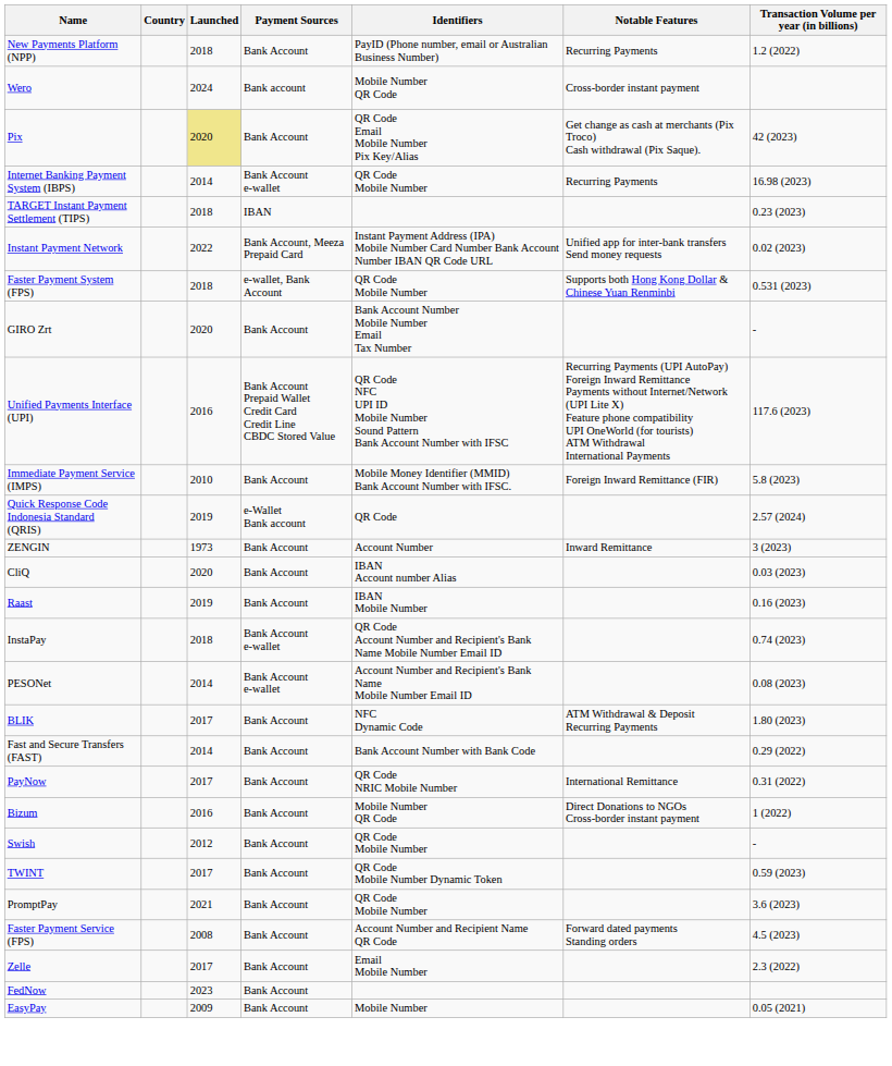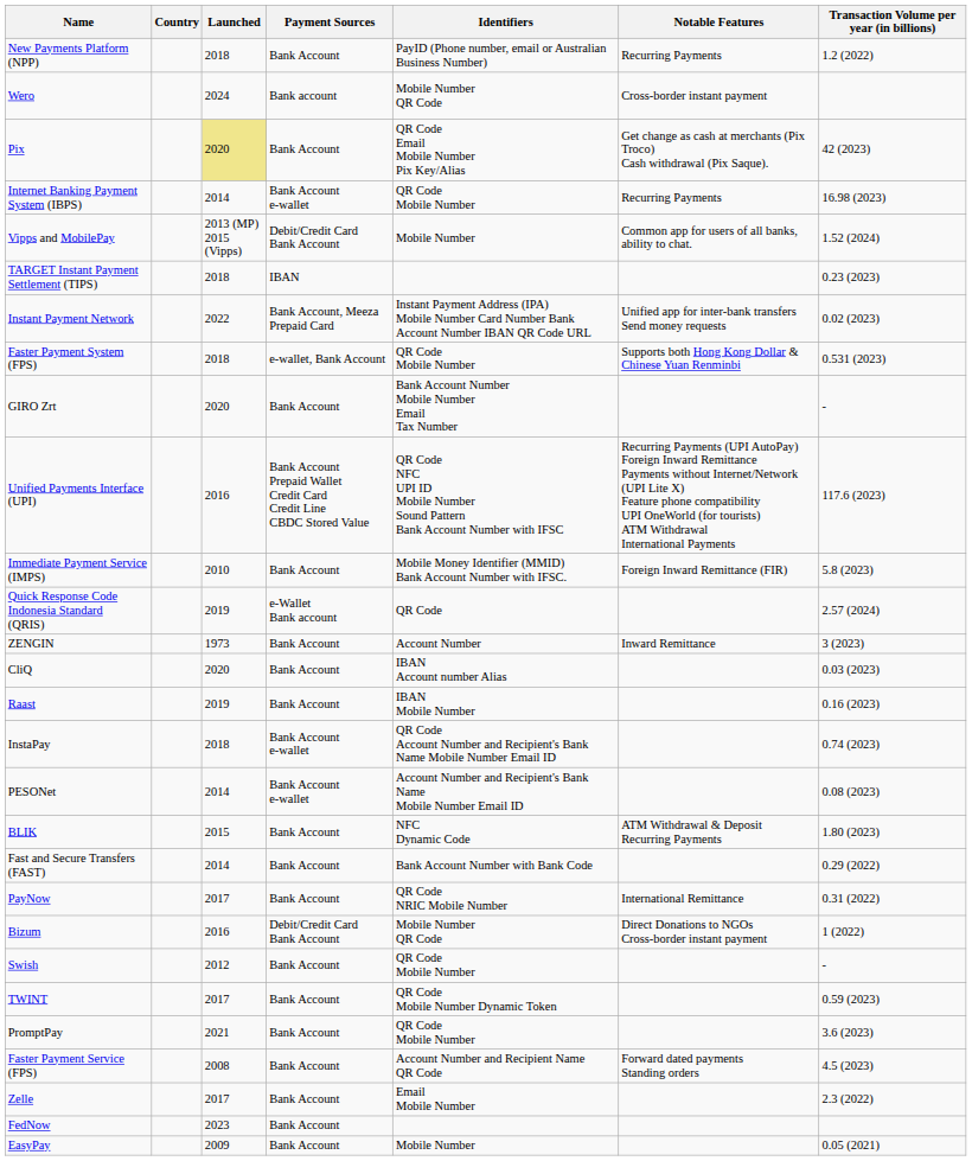 <table class="wikitable sortable">
 <tr>
 <th>Name</th>
 <th>Country</th>
 <th>Launched</th>
 <th>Payment Sources</th>
 <th>Identifiers</th>
 <th>Notable Features</th>
 <th>Transaction Volume per year (in billions)</th>
 </tr>
 <tr>
 <td><a href='#'>New Payments Platform</a> (NPP)</td>
 <td></td>
 <td>2018</td>
 <td>Bank Account</td>
 <td>PayID (Phone number, email or Australian Business Number)</td>
 <td>Recurring Payments</td>
 <td>1.2 (2022)</td>
 </tr>
 <tr>
 <td><a href='#'>Wero</a></td>
 <td><br><br><br> </td>
 <td>2024</td>
 <td>Bank account</td>
 <td>Mobile Number<br>QR Code</td>
 <td>Cross-border instant payment</td>
 <td></td>
 </tr>
 <tr>
 <td><a href='#'>Pix</a></td>
 <td></td>
 <td style="background: khaki;">2020</td>
 <td>Bank Account</td>
 <td>QR Code<br>Email<br>Mobile Number<br>Pix Key/Alias</td>
 <td>Get change as cash at merchants (Pix Troco)<br>Cash withdrawal (Pix Saque).</td>
 <td>42 (2023)</td>
 </tr>
 <tr>
 <td><a href='#'>Internet Banking Payment System</a> (IBPS)</td>
 <td></td>
 <td>2014</td>
 <td>Bank Account<br>e-wallet</td>
 <td>QR Code<br>Mobile Number</td>
 <td>Recurring Payments</td>
 <td>16.98 (2023)</td>
+</tr>
+<tr>
+<td><a href='#'>Vipps</a> and <a href='#'>MobilePay</a></td>
+<td></td>
+<td>2013 (MP)<br>2015 (Vipps)</td>
+<td>Debit/Credit Card<br>Bank Account</td>
+<td>Mobile Number</td>
+<td>Common app for users of all banks, ability to chat.</td>
+<td>1.52 (2024)</td>
 </tr>
 <tr>
 <td><a href='#'>TARGET Instant Payment Settlement</a> (TIPS)</td>
 <td></td>
 <td>2018</td>
 <td>IBAN</td>
 <td></td>
 <td></td>
 <td>0.23 (2023)</td>
 </tr>
 <tr>
 <td><a href='#'>Instant Payment Network</a></td>
 <td></td>
 <td>2022</td>
 <td>Bank Account, Meeza Prepaid Card</td>
 <td>Instant Payment Address (IPA)<br>Mobile Number Card Number Bank Account Number IBAN QR Code URL</td>
 <td>Unified app for inter-bank transfers<br>Send money requests</td>
 <td>0.02 (2023)</td>
 </tr>
 <tr>
 <td><a href='#'>Faster Payment System</a> (FPS)</td>
 <td></td>
 <td>2018</td>
 <td>e-wallet, Bank Account</td>
 <td>QR Code<br>Mobile Number</td>
 <td>Supports both <a href='#'>Hong Kong Dollar</a> & <a href='#'>Chinese Yuan Renminbi</a></td>
 <td>0.531 (2023)</td>
 </tr>
 <tr>
 <td>GIRO Zrt</td>
 <td></td>
 <td>2020</td>
 <td>Bank Account</td>
 <td>Bank Account Number<br>Mobile Number<br>Email<br>Tax Number</td>
 <td></td>
 <td>-</td>
 </tr>
 <tr>
 <td><a href='#'>Unified Payments Interface</a> (UPI)</td>
 <td></td>
 <td>2016</td>
 <td>Bank Account<br>Prepaid Wallet<br>Credit Card<br>Credit Line<br>CBDC Stored Value</td>
 <td>QR Code<br>NFC<br>UPI ID<br>Mobile Number<br>Sound Pattern<br>Bank Account Number with IFSC</td>
 <td>Recurring Payments (UPI AutoPay)<br>Foreign Inward Remittance<br>Payments without Internet/Network (UPI Lite X)<br>Feature phone compatibility<br>UPI OneWorld (for tourists)<br>ATM Withdrawal<br>International Payments</td>
 <td>117.6 (2023)</td>
 </tr>
 <tr>
 <td><a href='#'>Immediate Payment Service</a> (IMPS)</td>
 <td></td>
 <td>2010</td>
 <td>Bank Account</td>
 <td>Mobile Money Identifier (MMID)<br>Bank Account Number with IFSC.</td>
 <td>Foreign Inward Remittance (FIR)</td>
 <td>5.8 (2023)</td>
 </tr>
 <tr>
 <td><a href='#'>Quick Response Code Indonesia Standard</a><br>(QRIS)</td>
 <td></td>
 <td>2019</td>
 <td>e-Wallet<br>Bank account</td>
 <td>QR Code</td>
 <td></td>
 <td>2.57 (2024)</td>
 </tr>
 <tr>
 <td>ZENGIN</td>
 <td></td>
 <td>1973</td>
 <td>Bank Account</td>
 <td>Account Number</td>
 <td>Inward Remittance</td>
 <td>3 (2023)</td>
 </tr>
 <tr>
 <td>CliQ</td>
 <td></td>
 <td>2020</td>
 <td>Bank Account</td>
 <td>IBAN<br>Account number Alias</td>
 <td></td>
 <td>0.03 (2023)</td>
 </tr>
 <tr>
 <td><a href='#'>Raast</a></td>
 <td></td>
 <td>2019</td>
 <td>Bank Account</td>
 <td>IBAN<br>Mobile Number</td>
 <td></td>
 <td>0.16 (2023)</td>
 </tr>
 <tr>
 <td>InstaPay</td>
 <td></td>
 <td>2018</td>
 <td>Bank Account<br>e-wallet</td>
 <td>QR Code<br>Account Number and Recipient's Bank Name  Mobile Number Email ID</td>
 <td></td>
 <td>0.74 (2023)</td>
 </tr>
 <tr>
 <td>PESONet</td>
 <td></td>
 <td>2014</td>
 <td>Bank Account<br>e-wallet</td>
 <td>Account Number and Recipient's Bank Name<br>Mobile Number Email ID</td>
 <td></td>
 <td>0.08 (2023)</td>
 </tr>
 <tr>
 <td><a href='#'>BLIK</a></td>
 <td></td>
-<td>2017</td>
+<td>2015</td>
 <td>Bank Account</td>
 <td>NFC<br>Dynamic Code</td>
 <td>ATM Withdrawal & Deposit<br>Recurring Payments</td>
 <td>1.80 (2023)</td>
 </tr>
 <tr>
 <td>Fast and Secure Transfers (FAST)</td>
 <td></td>
 <td>2014</td>
 <td>Bank Account</td>
 <td>Bank Account Number with Bank Code</td>
 <td></td>
 <td>0.29 (2022)</td>
 </tr>
 <tr>
 <td><a href='#'>PayNow</a></td>
 <td></td>
 <td>2017</td>
 <td>Bank Account</td>
 <td>QR Code<br>NRIC Mobile Number</td>
 <td>International Remittance</td>
 <td>0.31 (2022)</td>
 </tr>
 <tr>
 <td><a href='#'>Bizum</a></td>
 <td><br></td>
 <td>2016</td>
-<td>Bank Account</td>
+<td>Debit/Credit Card<br>Bank Account</td>
 <td>Mobile Number<br>QR Code</td>
 <td>Direct Donations to NGOs<br>Cross-border instant payment</td>
 <td>1 (2022)</td>
 </tr>
 <tr>
 <td><a href='#'>Swish</a></td>
 <td></td>
 <td>2012</td>
 <td>Bank Account</td>
 <td>QR Code<br>Mobile Number</td>
 <td></td>
 <td>-</td>
 </tr>
 <tr>
 <td><a href='#'>TWINT</a></td>
 <td></td>
 <td>2017</td>
 <td>Bank Account</td>
 <td>QR Code<br>Mobile Number Dynamic Token</td>
 <td></td>
 <td>0.59 (2023)</td>
 </tr>
 <tr>
 <td>PromptPay</td>
 <td></td>
 <td>2021</td>
 <td>Bank Account</td>
 <td>QR Code<br>Mobile Number</td>
 <td></td>
 <td>3.6 (2023)</td>
 </tr>
 <tr>
 <td><a href='#'>Faster Payment Service</a> (FPS)</td>
 <td></td>
 <td>2008</td>
 <td>Bank Account</td>
 <td>Account Number and Recipient Name<br>QR Code</td>
 <td>Forward dated payments<br>Standing orders</td>
 <td>4.5 (2023)</td>
 </tr>
 <tr>
 <td><a href='#'>Zelle</a></td>
 <td></td>
 <td>2017</td>
 <td>Bank Account</td>
 <td>Email<br>Mobile Number</td>
 <td></td>
 <td>2.3 (2022)</td>
 </tr>
 <tr>
 <td><a href='#'>FedNow</a></td>
 <td></td>
 <td>2023</td>
 <td>Bank Account</td>
 <td></td>
 <td></td>
 </tr>
 <tr>
 <td><a href='#'>EasyPay</a></td>
 <td></td>
 <td>2009</td>
 <td>Bank Account</td>
 <td>Mobile Number</td>
 <td></td>
 <td>0.05 (2021)</td>
 </tr>
 </table>
